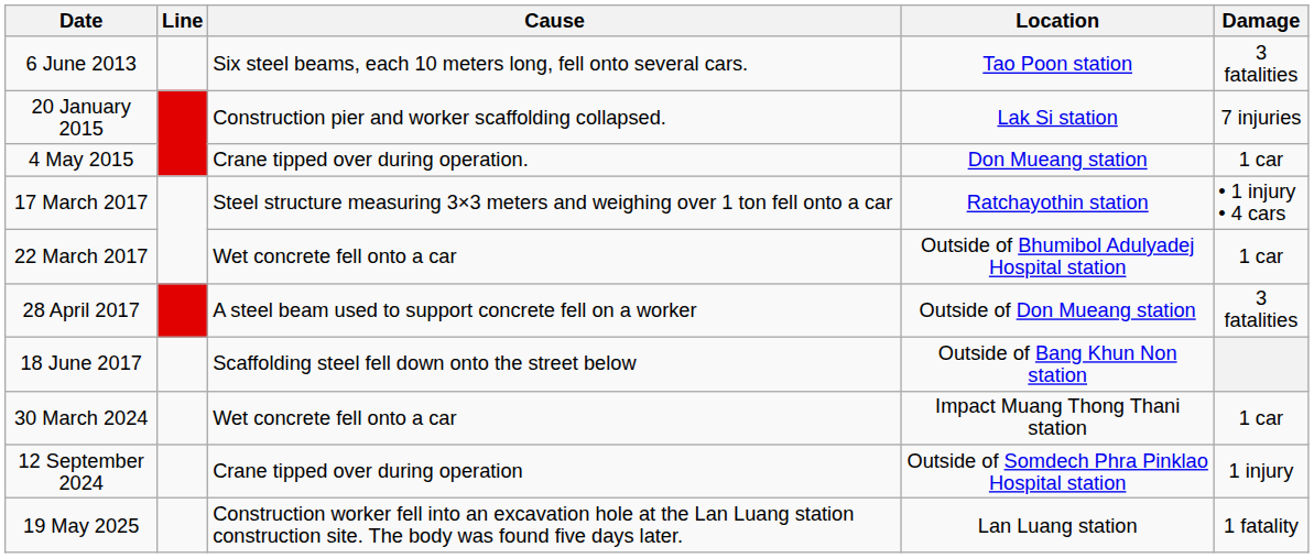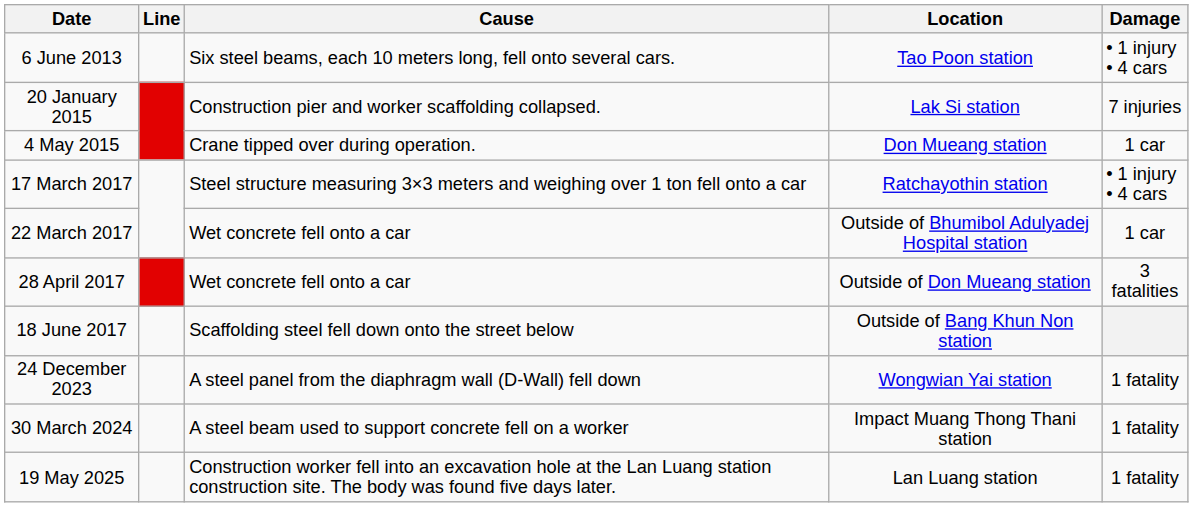 <table class="wikitable" style="margin:auto;font-align:center;text-align:center;font-size:85%;">
 <tr>
 <th>Date</th>
 <th>Line</th>
 <th>Cause</th>
 <th>Location</th>
 <th>Damage</th>
 </tr>
 <tr>
 <td>6 June 2013</td>
 <td style="background:#"><strong><a href='#'></a></strong></td>
 <td align="left">Six steel beams, each 10 meters long, fell onto several cars.</td>
 <td><a href='#'>Tao Poon station</a></td>
-<td>3 fatalities</td>
+<td align="left">• 1 injury<br>• 4 cars</td>
 </tr>
 <tr>
 <td>20 January 2015</td>
 <td rowspan="2" style="background:#E20101"><strong><a href='#'></a></strong></td>
 <td align="left">Construction pier and worker scaffolding collapsed.</td>
 <td><a href='#'>Lak Si station</a></td>
 <td>7 injuries</td>
 </tr>
 <tr>
 <td>4 May 2015</td>
 <td align="left">Crane tipped over during operation.</td>
 <td><a href='#'>Don Mueang station</a></td>
 <td>1 car</td>
 </tr>
 <tr>
 <td>17 March 2017</td>
 <td rowspan="2" style="background:#"><strong><a href='#'></a></strong></td>
 <td align="left">Steel structure measuring 3×3 meters and weighing over 1 ton fell onto a car</td>
 <td><a href='#'>Ratchayothin station</a></td>
 <td align="left">• 1 injury<br>• 4 cars</td>
 </tr>
 <tr>
 <td>22 March 2017</td>
 <td align="left">Wet concrete fell onto a car</td>
 <td>Outside of <a href='#'>Bhumibol Adulyadej Hospital station</a></td>
 <td>1 car</td>
 </tr>
 <tr>
 <td>28 April 2017</td>
 <td style="background:#E20101"><strong><a href='#'></a></strong></td>
-<td align="left">A steel beam used to support concrete fell on a worker</td>
+<td align="left">Wet concrete fell onto a car</td>
 <td>Outside of <a href='#'>Don Mueang station</a></td>
 <td>3 fatalities</td>
 </tr>
 <tr>
 <td>18 June 2017</td>
 <td style="background:#"><strong><a href='#'></a></strong></td>
 <td align="left">Scaffolding steel fell down onto the street below</td>
 <td>Outside of <a href='#'>Bang Khun Non station</a></td>
 <th></th>
 </tr>
 <tr>
+<td>24 December 2023</td>
+<td style="background:#"><strong><a href='#'></a></strong></td>
+<td align="left">A steel panel from the diaphragm wall (D-Wall) fell down</td>
+<td><a href='#'>Wongwian Yai station</a></td>
+<td>1 fatality</td>
+</tr>
+<tr>
 <td>30 March 2024</td>
 <td style="background:#"><strong><a href='#'></a></strong></td>
-<td align="left">Wet concrete fell onto a car</td>
+<td align="left">A steel beam used to support concrete fell on a worker</td>
 <td>Impact Muang Thong Thani station</td>
-<td>1 car</td>
-</tr>
-<tr>
-<td>12 September 2024</td>
-<td style="background:#"><strong><a href='#'></a></strong></td>
-<td align="left">Crane tipped over during operation</td>
-<td>Outside of <a href='#'>Somdech Phra Pinklao Hospital station</a></td>
-<td>1 injury</td>
+<td>1 fatality</td>
 </tr>
 <tr>
 <td>19 May 2025</td>
 <td style="background:#"><strong><a href='#'></a></strong></td>
 <td align="left">Construction worker fell into an excavation hole at the Lan Luang station construction site. The body was found five days later.</td>
 <td>Lan Luang station</td>
 <td>1 fatality</td>
 </tr>
 </table>
